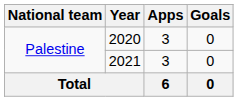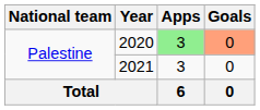 <table class="wikitable" style="text-align:center">
 <tr>
 <th>National team</th>
 <th>Year</th>
 <th>Apps</th>
 <th>Goals</th>
 </tr>
 <tr>
 <td rowspan="2"><a href='#'>Palestine</a></td>
 <td>2020</td>
-<td>3</td>
-<td>0</td>
+<td style="background: lightgreen;">3</td>
+<td style="background: lightsalmon;">0</td>
 </tr>
 <tr>
 <td>2021</td>
 <td>3</td>
 <td>0</td>
 </tr>
 <tr>
 <th colspan=2>Total</th>
 <th>6</th>
 <th>0</th>
 </tr>
 </table>
